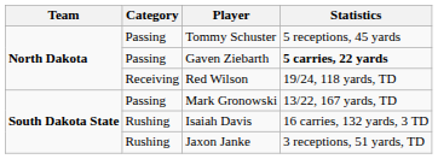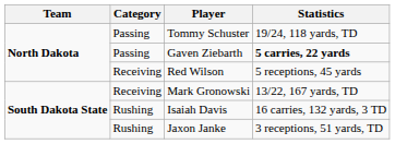 <table class="wikitable" style="float: left;">
 <tr>
 <th>Team</th>
 <th>Category</th>
 <th>Player</th>
 <th>Statistics</th>
 </tr>
 <tr>
 <td rowspan=3><strong>North Dakota</strong></td>
 <td>Passing</td>
 <td>Tommy Schuster</td>
-<td>5 receptions, 45 yards</td>
+<td>19/24, 118 yards, TD</td>
 </tr>
 <tr>
 <td>Passing</td>
 <td>Gaven Ziebarth</td>
 <td><strong>5 carries, 22 yards</strong></td>
 </tr>
 <tr>
 <td>Receiving</td>
 <td>Red Wilson</td>
-<td>19/24, 118 yards, TD</td>
+<td>5 receptions, 45 yards</td>
 </tr>
 <tr>
 <td rowspan=3><strong>South Dakota State</strong></td>
-<td>Passing</td>
+<td>Receiving</td>
 <td>Mark Gronowski</td>
 <td>13/22, 167 yards, TD</td>
 </tr>
 <tr>
 <td>Rushing</td>
 <td>Isaiah Davis</td>
 <td>16 carries, 132 yards, 3 TD</td>
 </tr>
 <tr>
 <td>Rushing</td>
 <td>Jaxon Janke</td>
 <td>3 receptions, 51 yards, TD</td>
 </tr>
 </table>
